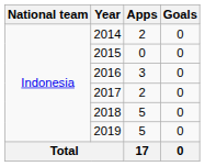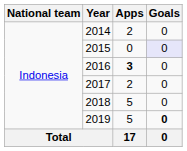 <table class="wikitable" style="text-align:center">
 <tr>
 <th>National team</th>
 <th>Year</th>
 <th>Apps</th>
 <th>Goals</th>
 </tr>
 <tr>
 <td rowspan=6><a href='#'>Indonesia</a></td>
 <td>2014</td>
 <td>2</td>
 <td>0</td>
 </tr>
 <tr>
 <td>2015</td>
 <td>0</td>
-<td>0</td>
+<td style="background: lavender;">0</td>
 </tr>
 <tr>
 <td>2016</td>
-<td>3</td>
+<td><strong>3</strong></td>
 <td>0</td>
 </tr>
 <tr>
 <td>2017</td>
 <td>2</td>
 <td>0</td>
 </tr>
 <tr>
 <td>2018</td>
 <td>5</td>
 <td>0</td>
 </tr>
 <tr>
 <td>2019</td>
 <td>5</td>
-<td>0</td>
+<td><strong>0</strong></td>
 </tr>
 <tr>
 <th colspan=2>Total</th>
 <th>17</th>
 <th>0</th>
 </tr>
 </table>
